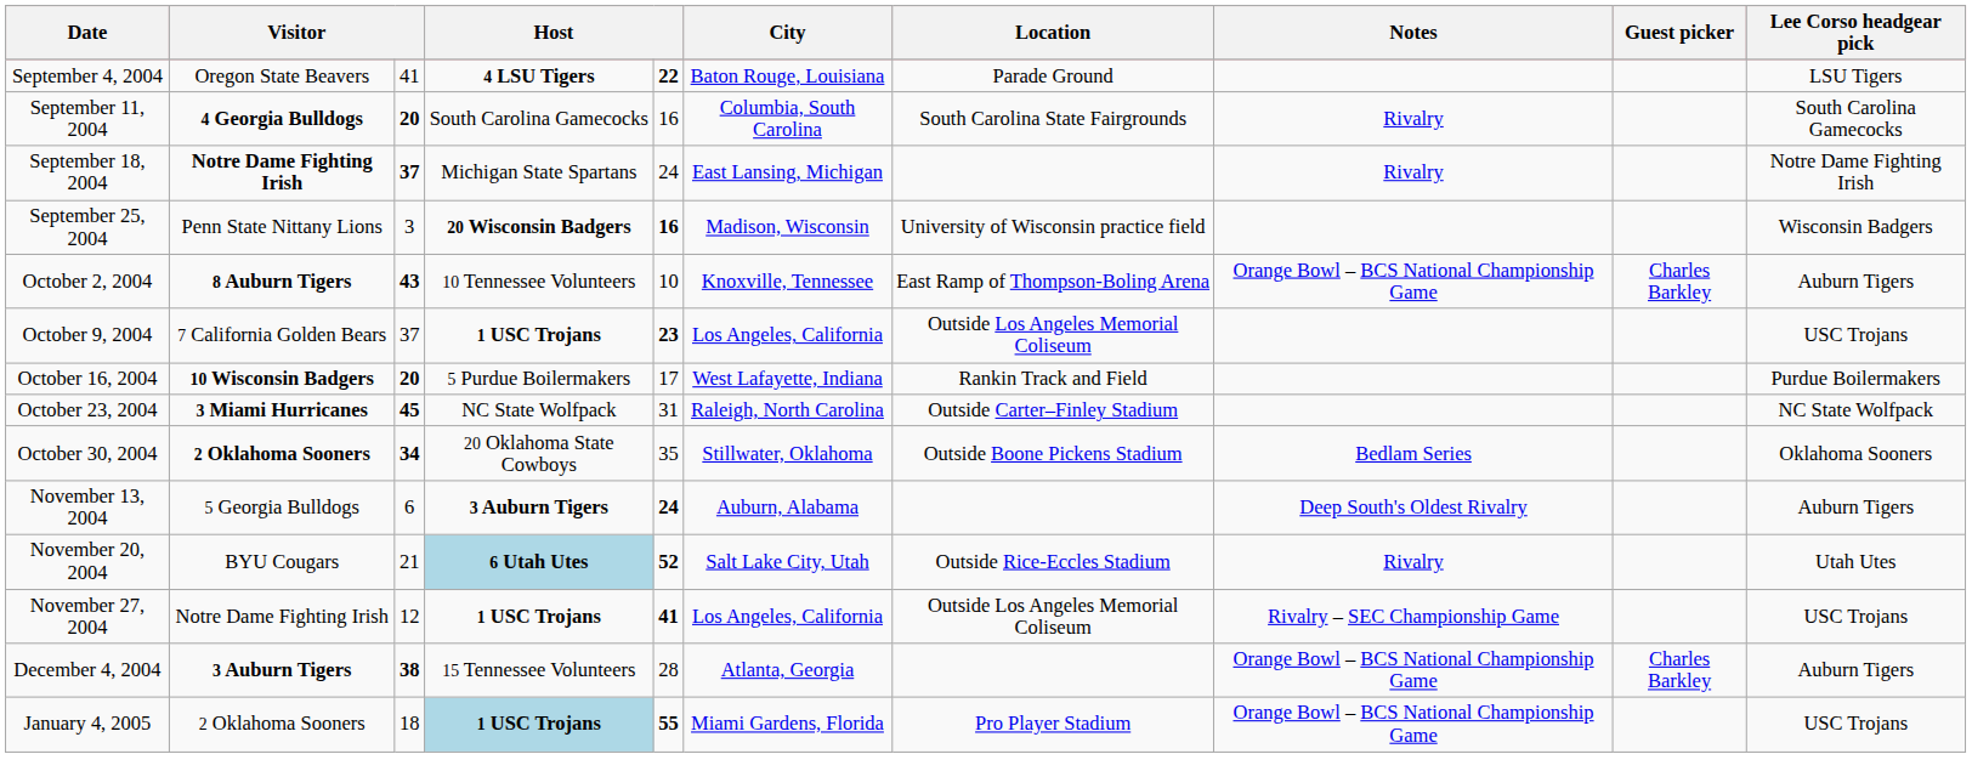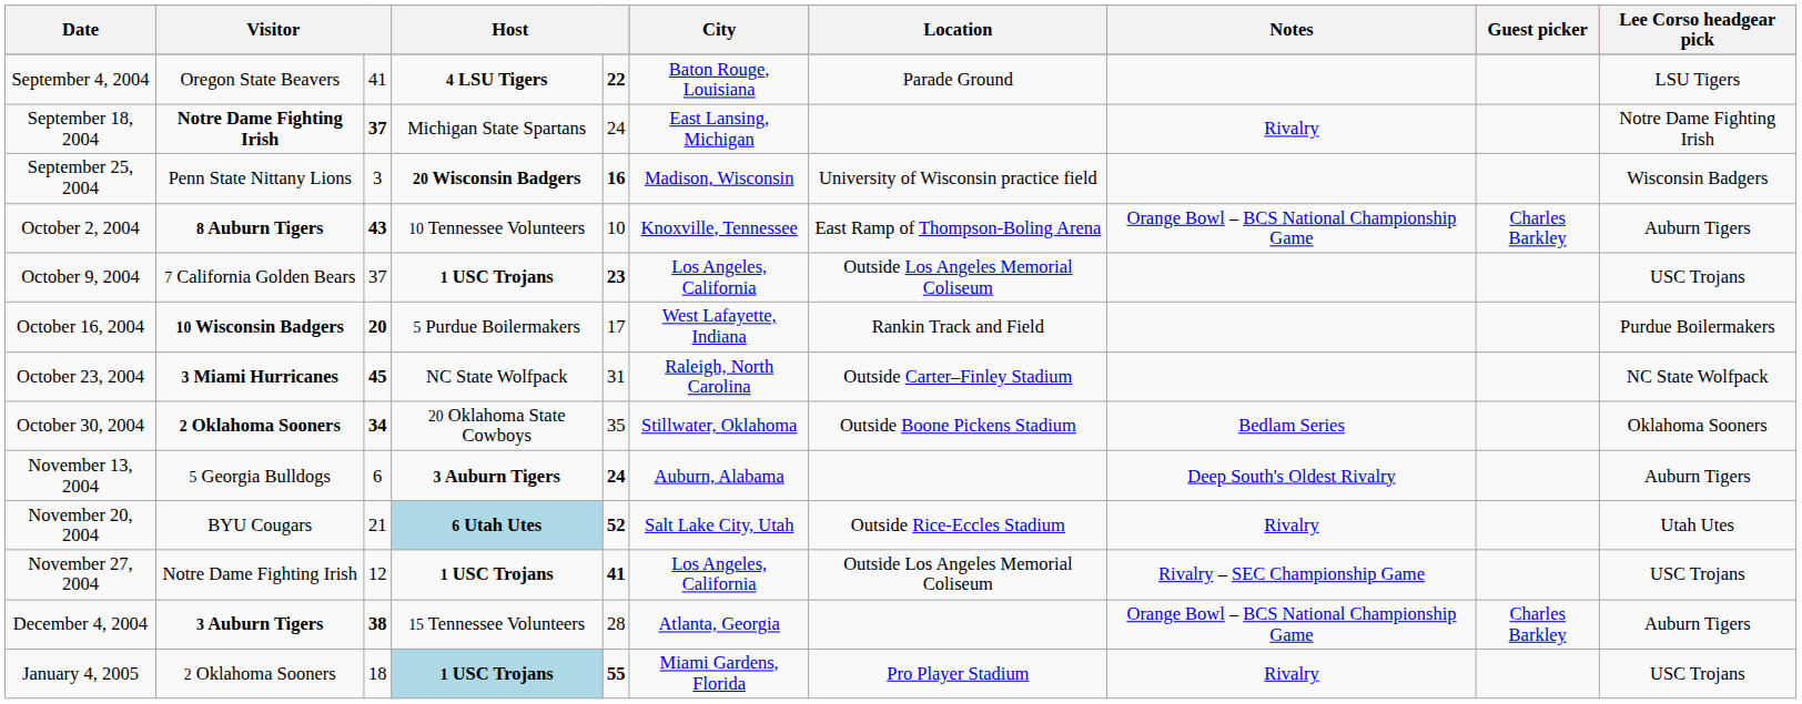 <table class="wikitable" style="text-align:center">
 <tr style="background:#A32638;"|>
 <th>Date</th>
 <th colspan=2>Visitor</th>
 <th colspan=2>Host</th>
 <th>City</th>
 <th>Location</th>
 <th>Notes</th>
 <th>Guest picker</th>
 <th>Lee Corso headgear pick</th>
 </tr>
 <tr>
 <td>September 4, 2004</td>
 <td>Oregon State Beavers</td>
 <td>41</td>
 <td><strong><small>4</small> LSU Tigers</strong></td>
 <td><strong>22</strong></td>
 <td><a href='#'>Baton Rouge, Louisiana</a></td>
 <td>Parade Ground</td>
 <td></td>
 <td></td>
 <td>LSU Tigers</td>
-</tr>
-<tr>
-<td>September 11, 2004</td>
-<td><strong><small>4</small> Georgia Bulldogs</strong></td>
-<td><strong>20</strong></td>
-<td>South Carolina Gamecocks</td>
-<td>16</td>
-<td><a href='#'>Columbia, South Carolina</a></td>
-<td>South Carolina State Fairgrounds</td>
-<td><a href='#'>Rivalry</a></td>
-<td></td>
-<td>South Carolina Gamecocks</td>
 </tr>
 <tr>
 <td>September 18, 2004</td>
 <td><strong>Notre Dame Fighting Irish</strong></td>
 <td><strong>37</strong></td>
 <td>Michigan State Spartans</td>
 <td>24</td>
 <td><a href='#'>East Lansing, Michigan</a></td>
 <td></td>
 <td><a href='#'>Rivalry</a></td>
 <td></td>
 <td>Notre Dame Fighting Irish</td>
 </tr>
 <tr>
 <td>September 25, 2004</td>
 <td>Penn State Nittany Lions</td>
 <td>3</td>
 <td><strong><small>20</small> Wisconsin Badgers</strong></td>
 <td><strong>16</strong></td>
 <td><a href='#'>Madison, Wisconsin</a></td>
 <td>University of Wisconsin practice field</td>
 <td></td>
 <td></td>
 <td>Wisconsin Badgers</td>
 </tr>
 <tr>
 <td>October 2, 2004</td>
 <td><strong><small>8</small> Auburn Tigers</strong></td>
 <td><strong>43</strong></td>
 <td><small>10</small> Tennessee Volunteers</td>
 <td>10</td>
 <td><a href='#'>Knoxville, Tennessee</a></td>
 <td>East Ramp of <a href='#'>Thompson-Boling Arena</a></td>
 <td><a href='#'>Orange Bowl</a> – <a href='#'>BCS National Championship Game</a></td>
 <td><a href='#'>Charles Barkley</a></td>
 <td>Auburn Tigers</td>
 </tr>
 <tr>
 <td>October 9, 2004</td>
 <td><small>7</small> California Golden Bears</td>
 <td>37</td>
 <td><strong><small>1</small> USC Trojans</strong></td>
 <td><strong>23</strong></td>
 <td><a href='#'>Los Angeles, California</a></td>
 <td>Outside <a href='#'>Los Angeles Memorial Coliseum</a></td>
 <td></td>
 <td></td>
 <td>USC Trojans</td>
 </tr>
 <tr>
 <td>October 16, 2004</td>
 <td><strong><small>10</small> Wisconsin Badgers</strong></td>
 <td><strong>20</strong></td>
 <td><small>5</small> Purdue Boilermakers</td>
 <td>17</td>
 <td><a href='#'>West Lafayette, Indiana</a></td>
 <td>Rankin Track and Field</td>
 <td></td>
 <td></td>
 <td>Purdue Boilermakers</td>
 </tr>
 <tr>
 <td>October 23, 2004</td>
 <td><strong><small>3</small> Miami Hurricanes</strong></td>
 <td><strong>45</strong></td>
 <td>NC State Wolfpack</td>
 <td>31</td>
 <td><a href='#'>Raleigh, North Carolina</a></td>
 <td>Outside <a href='#'>Carter–Finley Stadium</a></td>
 <td></td>
 <td></td>
 <td>NC State Wolfpack</td>
 </tr>
 <tr>
 <td>October 30, 2004</td>
 <td><strong><small>2</small> Oklahoma Sooners</strong></td>
 <td><strong>34</strong></td>
 <td><small>20</small> Oklahoma State Cowboys</td>
 <td>35</td>
 <td><a href='#'>Stillwater, Oklahoma</a></td>
 <td>Outside <a href='#'>Boone Pickens Stadium</a></td>
 <td><a href='#'>Bedlam Series</a></td>
 <td></td>
 <td>Oklahoma Sooners</td>
 </tr>
 <tr>
 <td>November 13, 2004</td>
 <td><small>5</small> Georgia Bulldogs</td>
 <td>6</td>
 <td><strong><small>3</small> Auburn Tigers</strong></td>
 <td><strong>24</strong></td>
 <td><a href='#'>Auburn, Alabama</a></td>
 <td></td>
 <td><a href='#'>Deep South's Oldest Rivalry</a></td>
 <td></td>
 <td>Auburn Tigers</td>
 </tr>
 <tr>
 <td>November 20, 2004</td>
 <td>BYU Cougars</td>
 <td>21</td>
 <td style="background: lightblue;"><strong><small>6</small> Utah Utes</strong></td>
 <td><strong>52</strong></td>
 <td><a href='#'>Salt Lake City, Utah</a></td>
 <td>Outside <a href='#'>Rice-Eccles Stadium</a></td>
 <td><a href='#'>Rivalry</a></td>
 <td></td>
 <td>Utah Utes</td>
 </tr>
 <tr>
 <td>November 27, 2004</td>
 <td>Notre Dame Fighting Irish</td>
 <td>12</td>
 <td><strong><small>1</small> USC Trojans</strong></td>
 <td><strong>41</strong></td>
 <td><a href='#'>Los Angeles, California</a></td>
 <td>Outside Los Angeles Memorial Coliseum</td>
 <td><a href='#'>Rivalry</a> – <a href='#'>SEC Championship Game</a></td>
 <td></td>
 <td>USC Trojans</td>
 </tr>
 <tr>
 <td>December 4, 2004</td>
 <td><strong><small>3</small> Auburn Tigers</strong></td>
 <td><strong>38</strong></td>
 <td><small>15</small> Tennessee Volunteers</td>
 <td>28</td>
 <td><a href='#'>Atlanta, Georgia</a></td>
 <td></td>
 <td><a href='#'>Orange Bowl</a> – <a href='#'>BCS National Championship Game</a></td>
 <td><a href='#'>Charles Barkley</a></td>
 <td>Auburn Tigers</td>
 </tr>
 <tr>
 <td>January 4, 2005</td>
 <td><small>2</small> Oklahoma Sooners</td>
 <td>18</td>
 <td style="background: lightblue;"><strong><small>1</small> USC Trojans</strong></td>
 <td><strong>55</strong></td>
 <td><a href='#'>Miami Gardens, Florida</a></td>
 <td><a href='#'>Pro Player Stadium</a></td>
-<td><a href='#'>Orange Bowl</a> – <a href='#'>BCS National Championship Game</a></td>
+<td><a href='#'>Rivalry</a></td>
 <td></td>
 <td>USC Trojans</td>
 </tr>
 </table>
